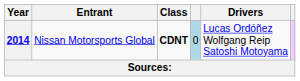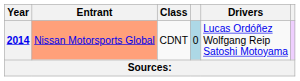 <table class="wikitable">
 <tr>
 <th>Year</th>
 <th>Entrant</th>
 <th>Class</th>
 <th></th>
 <th>Drivers</th>
 <th></th>
 </tr>
 <tr>
 <th><a href='#'>2014</a></th>
-<td> <a href='#'>Nissan Motorsports Global</a></td>
-<td><strong>CDNT</strong></td>
+<td style="background: lightsalmon;"> <a href='#'>Nissan Motorsports Global</a></td>
+<td>CDNT</td>
 <td style="background: lightblue;">0</td>
 <td> <a href='#'>Lucas Ordóñez</a><br> Wolfgang Reip<br> <a href='#'>Satoshi Motoyama</a></td>
 <td style="background:#EFCFFF;"></td>
 </tr>
 <tr>
 <th colspan="6">Sources:</th>
 </tr>
 </table>
